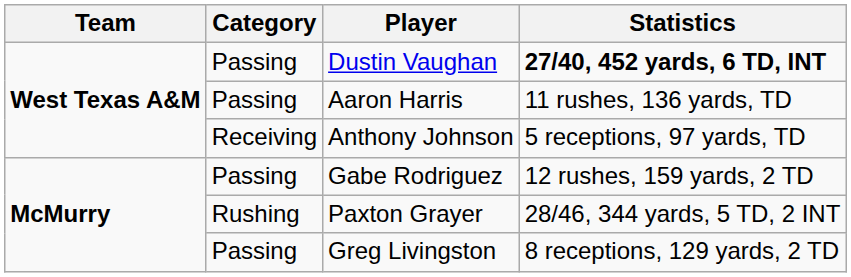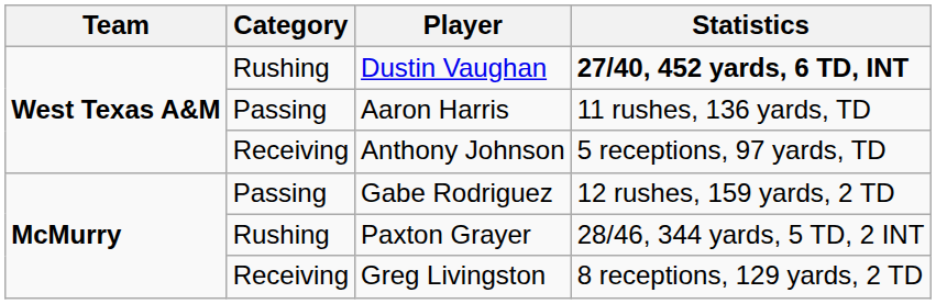 <table class="wikitable" style="float: left;">
 <tr>
 <th>Team</th>
 <th>Category</th>
 <th>Player</th>
 <th>Statistics</th>
 </tr>
 <tr>
 <td rowspan=3><strong>West Texas A&M</strong></td>
-<td>Passing</td>
+<td>Rushing</td>
 <td><a href='#'>Dustin Vaughan</a></td>
 <td><strong>27/40, 452 yards, 6 TD, INT</strong></td>
 </tr>
 <tr>
 <td>Passing</td>
 <td>Aaron Harris</td>
 <td>11 rushes, 136 yards, TD</td>
 </tr>
 <tr>
 <td>Receiving</td>
 <td>Anthony Johnson</td>
 <td>5 receptions, 97 yards, TD</td>
 </tr>
 <tr>
 <td rowspan=3><strong>McMurry</strong></td>
 <td>Passing</td>
 <td>Gabe Rodriguez</td>
 <td>12 rushes, 159 yards, 2 TD</td>
 </tr>
 <tr>
 <td>Rushing</td>
 <td>Paxton Grayer</td>
 <td>28/46, 344 yards, 5 TD, 2 INT</td>
 </tr>
 <tr>
-<td>Passing</td>
+<td>Receiving</td>
 <td>Greg Livingston</td>
 <td>8 receptions, 129 yards, 2 TD</td>
 </tr>
 </table>
